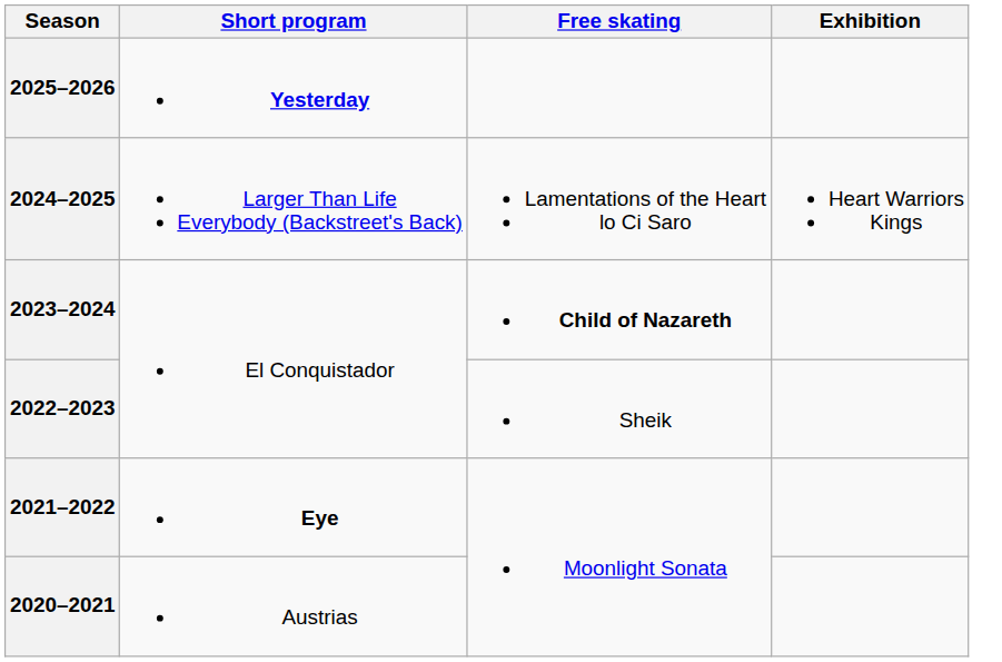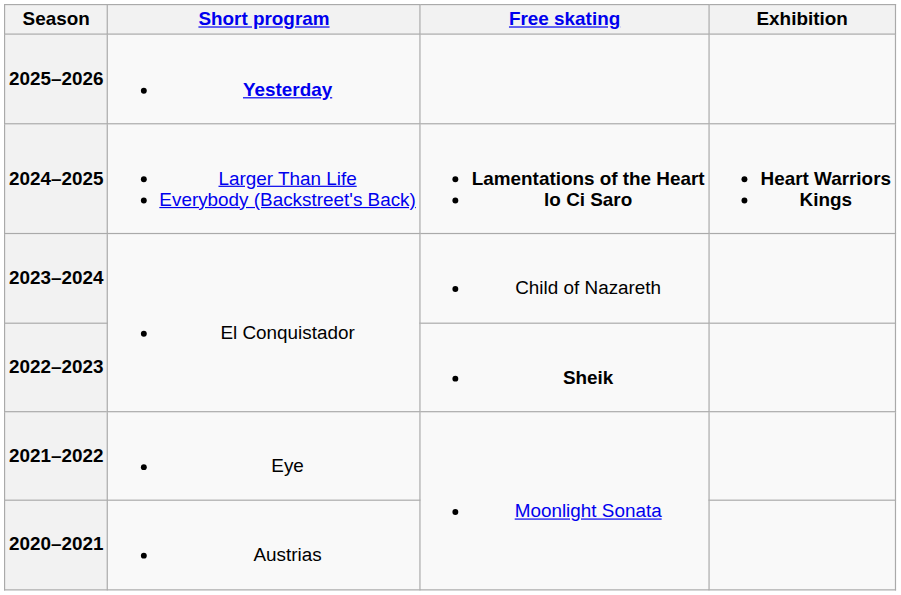 <table class=wikitable style=text-align:center>
 <tr>
 <th>Season</th>
 <th><a href='#'>Short program</a></th>
 <th><a href='#'>Free skating</a></th>
 <th>Exhibition</th>
 </tr>
 <tr>
 <th>2025–2026 <br></th>
 <td><strong><br><ul><li><a href='#'>Yesterday</a> <br> </li></ul></strong></td>
 <td></td>
 <td></td>
 </tr>
 <tr>
 <th>2024–2025 <br></th>
 <td><br><ul><li><a href='#'>Larger Than Life</a></li><li><a href='#'>Everybody (Backstreet's Back)</a> <br> </li></ul></td>
-<td><br><ul><li>Lamentations of the Heart <br> </li><li>lo Ci Saro  <br></li></ul></td>
-<td><br><ul><li>Heart Warriors <br> </li><li>Kings <br> </li></ul></td>
+<td><strong><br><ul><li>Lamentations of the Heart <br> </li><li>lo Ci Saro  <br></li></ul></strong></td>
+<td><strong><br><ul><li>Heart Warriors <br> </li><li>Kings <br> </li></ul></strong></td>
 </tr>
 <tr>
 <th>2023–2024 <br></th>
 <td rowspan=2><br><ul><li>El Conquistador <br> </li></ul></td>
-<td><strong><br><ul><li>Child of Nazareth <br> </li></ul></strong></td>
+<td><br><ul><li>Child of Nazareth <br> </li></ul></td>
 <td></td>
 </tr>
 <tr>
 <th>2022–2023 <br></th>
-<td><br><ul><li>Sheik <br> </li></ul></td>
+<td><strong><br><ul><li>Sheik <br> </li></ul></strong></td>
 <td></td>
 </tr>
 <tr>
 <th>2021–2022 <br></th>
-<td><strong><br><ul><li>Eye <br> </li></ul></strong></td>
+<td><br><ul><li>Eye <br> </li></ul></td>
 <td rowspan=2><br><ul><li><a href='#'>Moonlight Sonata</a> <br></li></ul></td>
 <td></td>
 </tr>
 <tr>
 <th>2020–2021 <br></th>
 <td><br><ul><li>Austrias <br> </li></ul></td>
 <td></td>
 </tr>
 </table>
